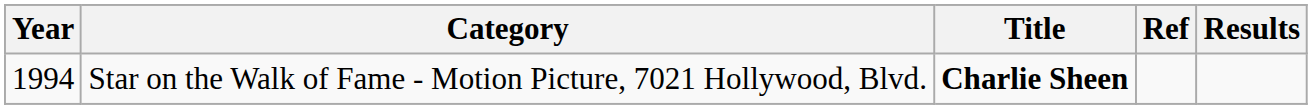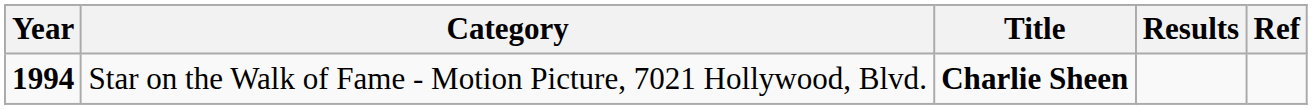 <table class="wikitable">
 <tr>
 <th>Year</th>
 <th>Category</th>
 <th>Title</th>
+<th>Results</th>
 <th>Ref</th>
-<th>Results</th>
 </tr>
 <tr>
-<td>1994</td>
+<td><strong>1994</strong></td>
 <td>Star on the Walk of Fame - Motion Picture, 7021 Hollywood, Blvd.</td>
 <td><strong>Charlie Sheen</strong></td>
 <td></td>
 <td></td>
 </tr>
 </table>
